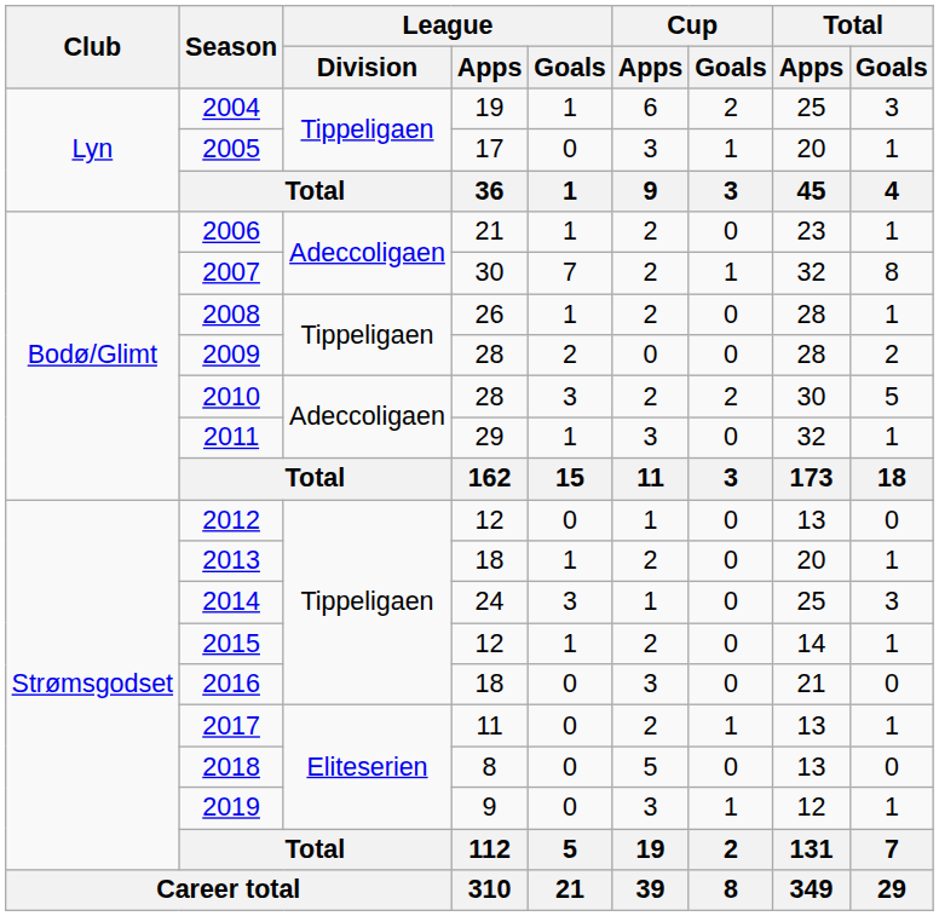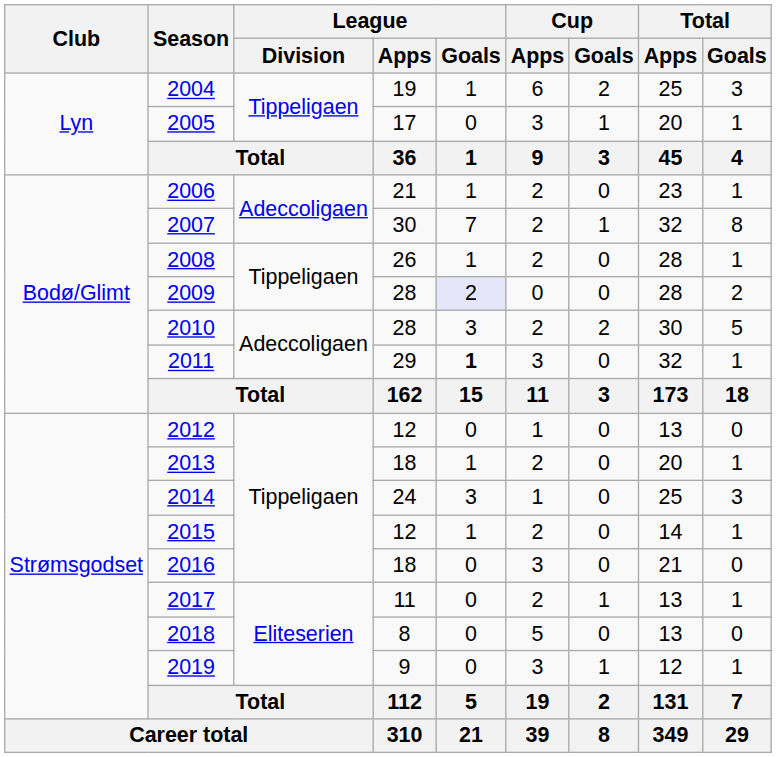 <table class="wikitable" style="text-align:center">
 <tr>
 <th rowspan="2">Club</th>
 <th rowspan="2">Season</th>
 <th colspan="3">League</th>
 <th colspan="2">Cup</th>
 <th colspan="2">Total</th>
 </tr>
 <tr>
 <th>Division</th>
 <th>Apps</th>
 <th>Goals</th>
 <th>Apps</th>
 <th>Goals</th>
 <th>Apps</th>
 <th>Goals</th>
 </tr>
 <tr>
 <td rowspan="3"><a href='#'>Lyn</a></td>
 <td><a href='#'>2004</a></td>
 <td rowspan="2"><a href='#'>Tippeligaen</a></td>
 <td>19</td>
 <td>1</td>
 <td>6</td>
 <td>2</td>
 <td>25</td>
 <td>3</td>
 </tr>
 <tr>
 <td><a href='#'>2005</a></td>
 <td>17</td>
 <td>0</td>
 <td>3</td>
 <td>1</td>
 <td>20</td>
 <td>1</td>
 </tr>
 <tr>
 <th colspan="2">Total</th>
 <th>36</th>
 <th>1</th>
 <th>9</th>
 <th>3</th>
 <th>45</th>
 <th>4</th>
 </tr>
 <tr>
 <td rowspan="7"><a href='#'>Bodø/Glimt</a></td>
 <td><a href='#'>2006</a></td>
 <td rowspan="2"><a href='#'>Adeccoligaen</a></td>
 <td>21</td>
 <td>1</td>
 <td>2</td>
 <td>0</td>
 <td>23</td>
 <td>1</td>
 </tr>
 <tr>
 <td><a href='#'>2007</a></td>
 <td>30</td>
 <td>7</td>
 <td>2</td>
 <td>1</td>
 <td>32</td>
 <td>8</td>
 </tr>
 <tr>
 <td><a href='#'>2008</a></td>
 <td rowspan="2">Tippeligaen</td>
 <td>26</td>
 <td>1</td>
 <td>2</td>
 <td>0</td>
 <td>28</td>
 <td>1</td>
 </tr>
 <tr>
 <td><a href='#'>2009</a></td>
 <td>28</td>
-<td>2</td>
+<td style="background: lavender;">2</td>
 <td>0</td>
 <td>0</td>
 <td>28</td>
 <td>2</td>
 </tr>
 <tr>
 <td><a href='#'>2010</a></td>
 <td rowspan="2">Adeccoligaen</td>
 <td>28</td>
 <td>3</td>
 <td>2</td>
 <td>2</td>
 <td>30</td>
 <td>5</td>
 </tr>
 <tr>
 <td><a href='#'>2011</a></td>
 <td>29</td>
-<td>1</td>
+<td><strong>1</strong></td>
 <td>3</td>
 <td>0</td>
 <td>32</td>
 <td>1</td>
 </tr>
 <tr>
 <th colspan="2">Total</th>
 <th>162</th>
 <th>15</th>
 <th>11</th>
 <th>3</th>
 <th>173</th>
 <th>18</th>
 </tr>
 <tr>
 <td rowspan="9"><a href='#'>Strømsgodset</a></td>
 <td><a href='#'>2012</a></td>
 <td rowspan="5">Tippeligaen</td>
 <td>12</td>
 <td>0</td>
 <td>1</td>
 <td>0</td>
 <td>13</td>
 <td>0</td>
 </tr>
 <tr>
 <td><a href='#'>2013</a></td>
 <td>18</td>
 <td>1</td>
 <td>2</td>
 <td>0</td>
 <td>20</td>
 <td>1</td>
 </tr>
 <tr>
 <td><a href='#'>2014</a></td>
 <td>24</td>
 <td>3</td>
 <td>1</td>
 <td>0</td>
 <td>25</td>
 <td>3</td>
 </tr>
 <tr>
 <td><a href='#'>2015</a></td>
 <td>12</td>
 <td>1</td>
 <td>2</td>
 <td>0</td>
 <td>14</td>
 <td>1</td>
 </tr>
 <tr>
 <td><a href='#'>2016</a></td>
 <td>18</td>
 <td>0</td>
 <td>3</td>
 <td>0</td>
 <td>21</td>
 <td>0</td>
 </tr>
 <tr>
 <td><a href='#'>2017</a></td>
 <td rowspan="3"><a href='#'>Eliteserien</a></td>
 <td>11</td>
 <td>0</td>
 <td>2</td>
 <td>1</td>
 <td>13</td>
 <td>1</td>
 </tr>
 <tr>
 <td><a href='#'>2018</a></td>
 <td>8</td>
 <td>0</td>
 <td>5</td>
 <td>0</td>
 <td>13</td>
 <td>0</td>
 </tr>
 <tr>
 <td><a href='#'>2019</a></td>
 <td>9</td>
 <td>0</td>
 <td>3</td>
 <td>1</td>
 <td>12</td>
 <td>1</td>
 </tr>
 <tr>
 <th colspan="2">Total</th>
 <th>112</th>
 <th>5</th>
 <th>19</th>
 <th>2</th>
 <th>131</th>
 <th>7</th>
 </tr>
 <tr>
 <th colspan="3">Career total</th>
 <th>310</th>
 <th>21</th>
 <th>39</th>
 <th>8</th>
 <th>349</th>
 <th>29</th>
 </tr>
 </table>
